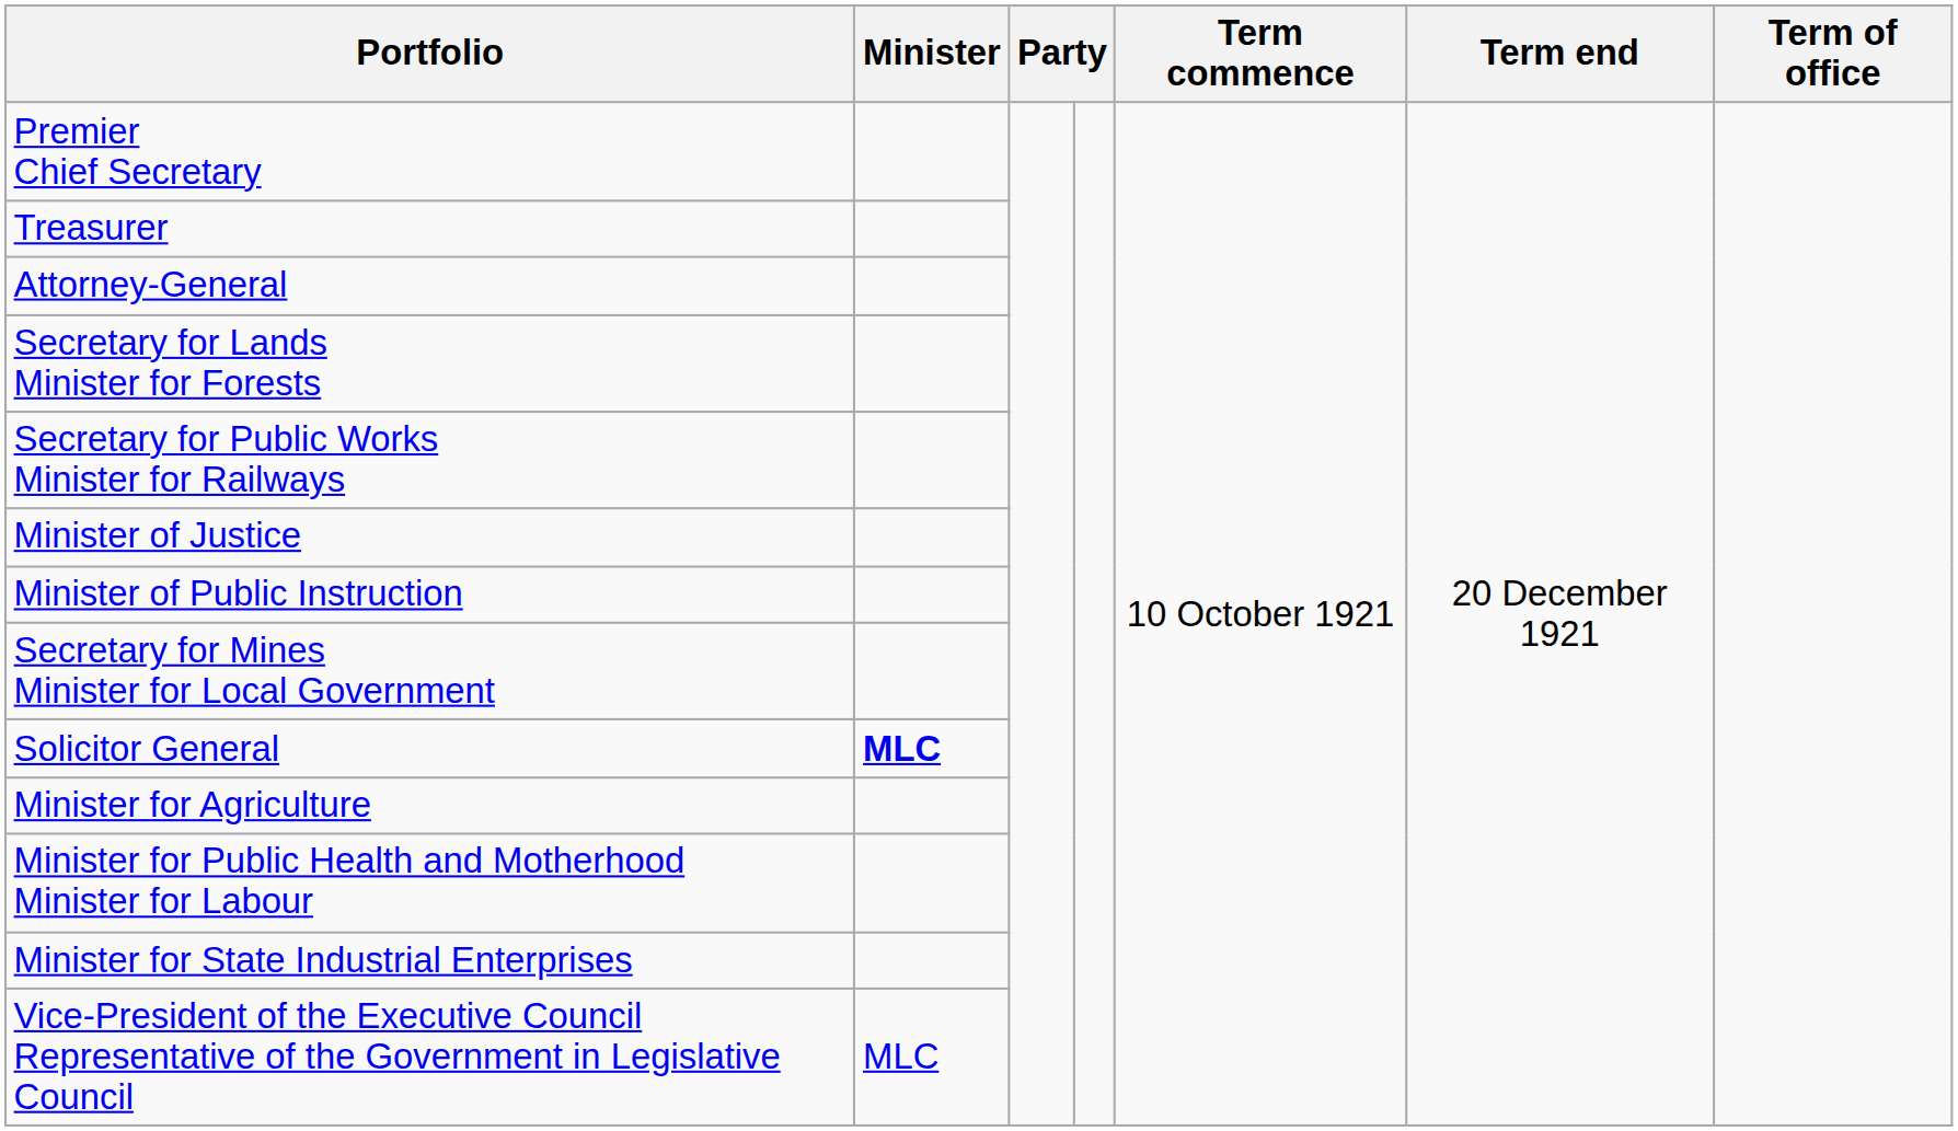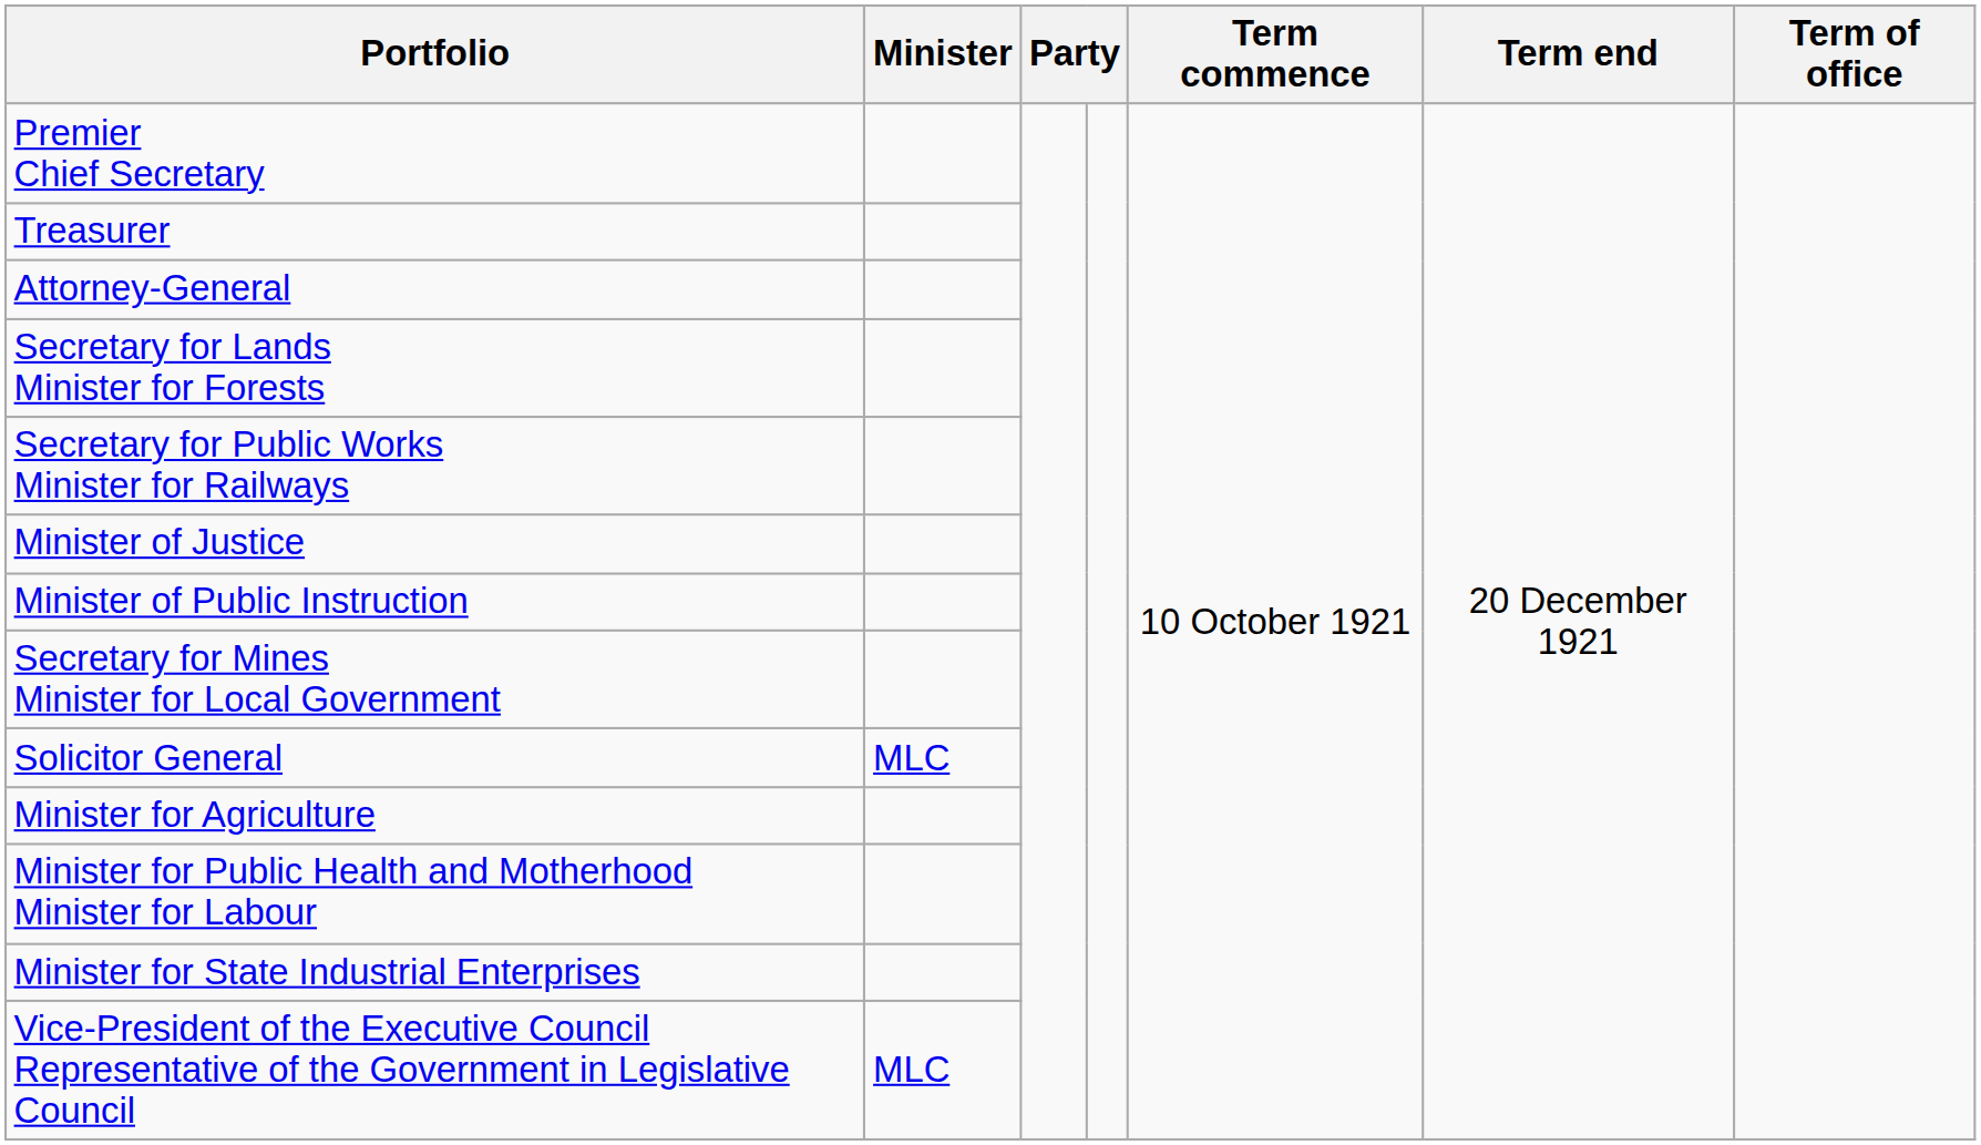 <table class="wikitable sortable">
 <tr>
 <th>Portfolio</th>
 <th>Minister</th>
 <th colspan="2">Party</th>
 <th>Term commence</th>
 <th>Term end</th>
 <th>Term of office</th>
 </tr>
 <tr>
 <td><a href='#'>Premier</a><br><a href='#'>Chief Secretary</a></td>
 <td></td>
 <td rowspan="13" > </td>
 <td rowspan="13"></td>
 <td rowspan=13 align="center">10 October 1921</td>
 <td rowspan=13 align="center">20 December 1921</td>
 <td rowspan=13 align="center"></td>
 </tr>
 <tr>
 <td><a href='#'>Treasurer</a></td>
 <td></td>
 </tr>
 <tr>
 <td><a href='#'>Attorney-General</a></td>
 <td></td>
 </tr>
 <tr>
 <td><a href='#'>Secretary for Lands</a><br><a href='#'>Minister for Forests</a></td>
 <td></td>
 </tr>
 <tr>
 <td><a href='#'>Secretary for Public Works</a><br><a href='#'>Minister for Railways</a></td>
 <td></td>
 </tr>
 <tr>
 <td><a href='#'>Minister of Justice</a></td>
 <td></td>
 </tr>
 <tr>
 <td><a href='#'>Minister of Public Instruction</a></td>
 <td></td>
 </tr>
 <tr>
 <td><a href='#'>Secretary for Mines</a><br><a href='#'>Minister for Local Government</a></td>
 <td></td>
 </tr>
 <tr>
 <td><a href='#'>Solicitor General</a></td>
-<td><strong> <a href='#'>MLC</a></strong></td>
+<td> <a href='#'>MLC</a></td>
 </tr>
 <tr>
 <td><a href='#'>Minister for Agriculture</a></td>
 <td></td>
 </tr>
 <tr>
 <td><a href='#'>Minister for Public Health and Motherhood</a><br><a href='#'>Minister for Labour</a></td>
 <td></td>
 </tr>
 <tr>
 <td><a href='#'>Minister for State Industrial Enterprises</a></td>
 <td></td>
 </tr>
 <tr>
 <td><a href='#'>Vice-President of the Executive Council</a><br><a href='#'>Representative of the Government in Legislative Council</a></td>
 <td> <a href='#'>MLC</a></td>
 </tr>
 </table>
